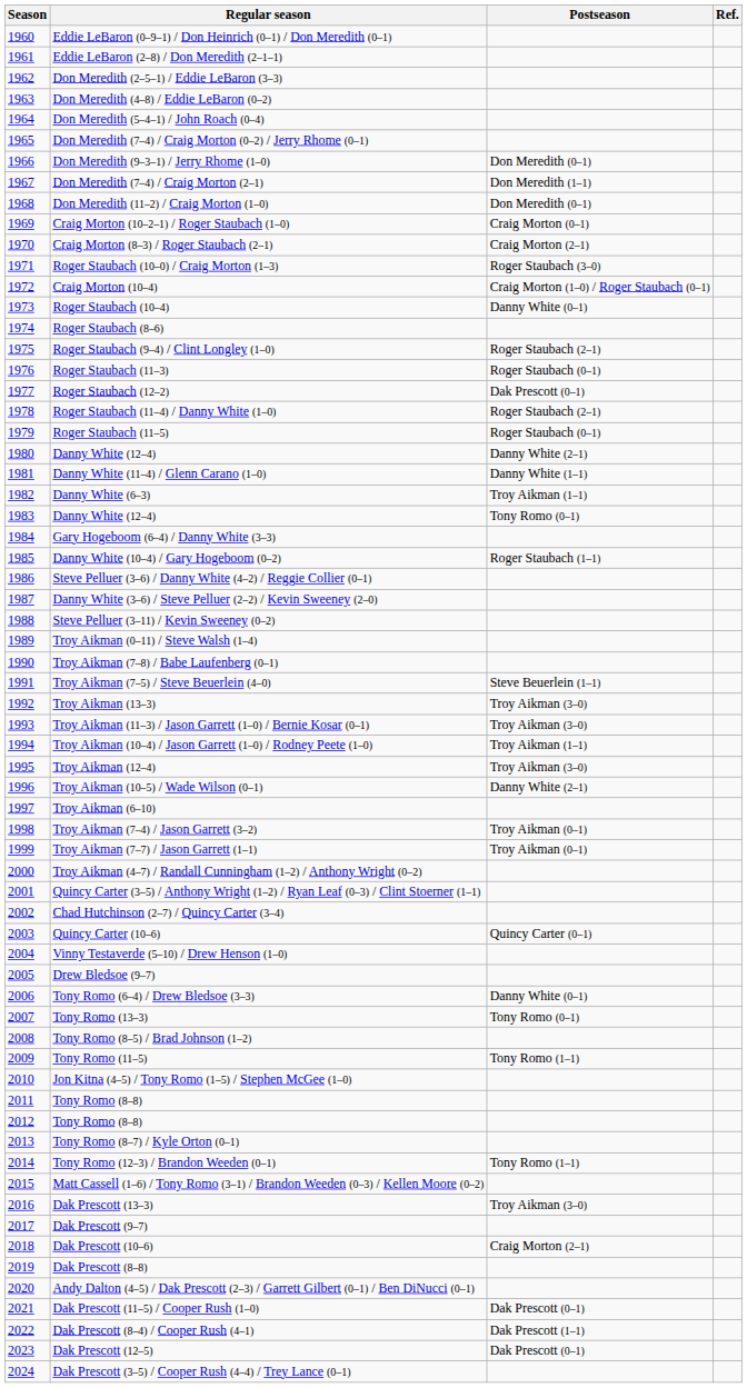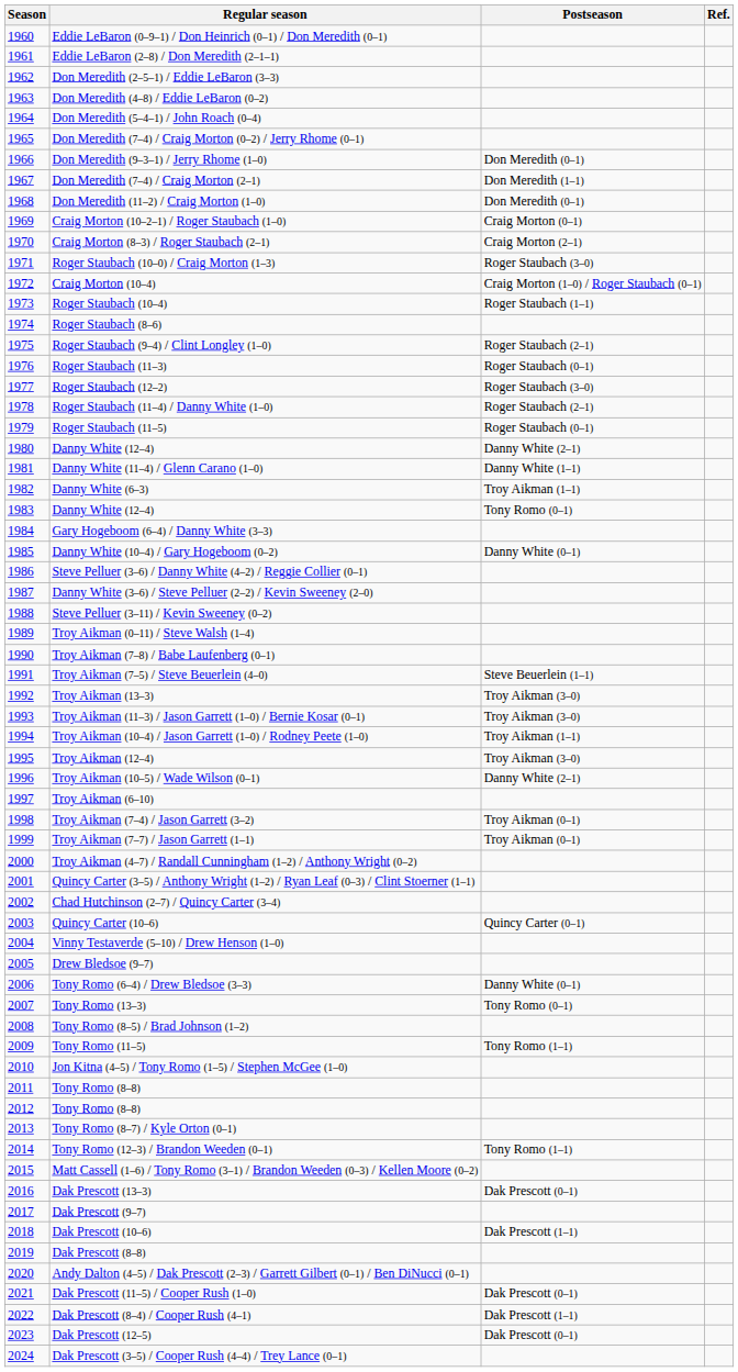 <table class="wikitable">
 <tr>
 <th>Season</th>
 <th>Regular season</th>
 <th>Postseason</th>
 <th>Ref.</th>
 </tr>
 <tr>
 <td><a href='#'>1960</a></td>
 <td><a href='#'>Eddie LeBaron</a> <small>(0–9–1)</small> / <a href='#'>Don Heinrich</a> <small>(0–1)</small> / <a href='#'>Don Meredith</a> <small>(0–1)</small></td>
 <td></td>
 <td></td>
 </tr>
 <tr>
 <td><a href='#'>1961</a></td>
 <td><a href='#'>Eddie LeBaron</a> <small>(2–8)</small> / <a href='#'>Don Meredith</a> <small>(2–1–1)</small></td>
 <td></td>
 <td></td>
 </tr>
 <tr>
 <td><a href='#'>1962</a></td>
 <td><a href='#'>Don Meredith</a> <small>(2–5–1)</small> / <a href='#'>Eddie LeBaron</a> <small>(3–3)</small></td>
 <td></td>
 <td></td>
 </tr>
 <tr>
 <td><a href='#'>1963</a></td>
 <td><a href='#'>Don Meredith</a> <small>(4–8)</small> / <a href='#'>Eddie LeBaron</a> <small>(0–2)</small></td>
 <td></td>
 <td></td>
 </tr>
 <tr>
 <td><a href='#'>1964</a></td>
 <td><a href='#'>Don Meredith</a> <small>(5–4–1)</small> / <a href='#'>John Roach</a> <small>(0–4)</small></td>
 <td></td>
 <td></td>
 </tr>
 <tr>
 <td><a href='#'>1965</a></td>
 <td><a href='#'>Don Meredith</a> <small>(7–4)</small> / <a href='#'>Craig Morton</a> <small>(0–2)</small> / <a href='#'>Jerry Rhome</a> <small>(0–1)</small></td>
 <td></td>
 <td></td>
 </tr>
 <tr>
 <td><a href='#'>1966</a></td>
 <td><a href='#'>Don Meredith</a> <small>(9–3–1)</small> / <a href='#'>Jerry Rhome</a> <small>(1–0)</small></td>
 <td>Don Meredith <small>(0–1)</small></td>
 <td></td>
 </tr>
 <tr>
 <td><a href='#'>1967</a></td>
 <td><a href='#'>Don Meredith</a> <small>(7–4)</small> / <a href='#'>Craig Morton</a> <small>(2–1)</small></td>
 <td>Don Meredith <small>(1–1)</small></td>
 <td></td>
 </tr>
 <tr>
 <td><a href='#'>1968</a></td>
 <td><a href='#'>Don Meredith</a> <small>(11–2)</small> / <a href='#'>Craig Morton</a> <small>(1–0)</small></td>
 <td>Don Meredith <small>(0–1)</small></td>
 <td></td>
 </tr>
 <tr>
 <td><a href='#'>1969</a></td>
 <td><a href='#'>Craig Morton</a> <small>(10–2–1)</small> / <a href='#'>Roger Staubach</a> <small>(1–0)</small></td>
 <td>Craig Morton <small>(0–1)</small></td>
 <td></td>
 </tr>
 <tr>
 <td><a href='#'>1970</a></td>
 <td><a href='#'>Craig Morton</a> <small>(8–3)</small> / <a href='#'>Roger Staubach</a> <small>(2–1)</small></td>
 <td>Craig Morton <small>(2–1)</small></td>
 <td></td>
 </tr>
 <tr>
 <td><a href='#'>1971</a></td>
 <td><a href='#'>Roger Staubach</a> <small>(10–0)</small> / <a href='#'>Craig Morton</a> <small>(1–3)</small></td>
 <td>Roger Staubach <small>(3–0)</small></td>
 <td></td>
 </tr>
 <tr>
 <td><a href='#'>1972</a></td>
 <td><a href='#'>Craig Morton</a> <small>(10–4)</small></td>
 <td>Craig Morton <small>(1–0)</small> / <a href='#'>Roger Staubach</a> <small>(0–1)</small></td>
 <td></td>
 </tr>
 <tr>
 <td><a href='#'>1973</a></td>
 <td><a href='#'>Roger Staubach</a> <small>(10–4)</small></td>
-<td>Danny White <small>(0–1)</small></td>
+<td>Roger Staubach <small>(1–1)</small></td>
 <td></td>
 </tr>
 <tr>
 <td><a href='#'>1974</a></td>
 <td><a href='#'>Roger Staubach</a> <small>(8–6)</small></td>
 <td></td>
 <td></td>
 </tr>
 <tr>
 <td><a href='#'>1975</a></td>
 <td><a href='#'>Roger Staubach</a> <small>(9–4)</small> / <a href='#'>Clint Longley</a> <small>(1–0)</small></td>
 <td>Roger Staubach <small>(2–1)</small></td>
 <td></td>
 </tr>
 <tr>
 <td><a href='#'>1976</a></td>
 <td><a href='#'>Roger Staubach</a> <small>(11–3)</small></td>
 <td>Roger Staubach <small>(0–1)</small></td>
 <td></td>
 </tr>
 <tr>
 <td><a href='#'>1977</a></td>
 <td><a href='#'>Roger Staubach</a> <small>(12–2)</small></td>
-<td>Dak Prescott <small>(0–1)</small></td>
+<td>Roger Staubach <small>(3–0)</small></td>
 <td></td>
 </tr>
 <tr>
 <td><a href='#'>1978</a></td>
 <td><a href='#'>Roger Staubach</a> <small>(11–4)</small> / <a href='#'>Danny White</a> <small>(1–0)</small></td>
 <td>Roger Staubach <small>(2–1)</small></td>
 <td></td>
 </tr>
 <tr>
 <td><a href='#'>1979</a></td>
 <td><a href='#'>Roger Staubach</a> <small>(11–5)</small></td>
 <td>Roger Staubach <small>(0–1)</small></td>
 <td></td>
 </tr>
 <tr>
 <td><a href='#'>1980</a></td>
 <td><a href='#'>Danny White</a> <small>(12–4)</small></td>
 <td>Danny White <small>(2–1)</small></td>
 <td></td>
 </tr>
 <tr>
 <td><a href='#'>1981</a></td>
 <td><a href='#'>Danny White</a> <small>(11–4)</small> / <a href='#'>Glenn Carano</a> <small>(1–0)</small></td>
 <td>Danny White <small>(1–1)</small></td>
 <td></td>
 </tr>
 <tr>
 <td><a href='#'>1982</a></td>
 <td><a href='#'>Danny White</a> <small>(6–3)</small></td>
 <td>Troy Aikman <small>(1–1)</small></td>
 <td></td>
 </tr>
 <tr>
 <td><a href='#'>1983</a></td>
 <td><a href='#'>Danny White</a> <small>(12–4)</small></td>
 <td>Tony Romo <small>(0–1)</small></td>
 <td></td>
 </tr>
 <tr>
 <td><a href='#'>1984</a></td>
 <td><a href='#'>Gary Hogeboom</a> <small>(6–4)</small> / <a href='#'>Danny White</a> <small>(3–3)</small></td>
 <td></td>
 <td></td>
 </tr>
 <tr>
 <td><a href='#'>1985</a></td>
 <td><a href='#'>Danny White</a> <small>(10–4)</small> / <a href='#'>Gary Hogeboom</a> <small>(0–2)</small></td>
-<td>Roger Staubach <small>(1–1)</small></td>
+<td>Danny White <small>(0–1)</small></td>
 <td></td>
 </tr>
 <tr>
 <td><a href='#'>1986</a></td>
 <td><a href='#'>Steve Pelluer</a> <small>(3–6)</small> / <a href='#'>Danny White</a> <small>(4–2)</small> / <a href='#'>Reggie Collier</a> <small>(0–1)</small></td>
 <td></td>
 <td></td>
 </tr>
 <tr>
 <td><a href='#'>1987</a></td>
 <td><a href='#'>Danny White</a> <small>(3–6)</small> / <a href='#'>Steve Pelluer</a> <small>(2–2)</small> / <a href='#'>Kevin Sweeney</a> <small>(2–0)</small></td>
 <td></td>
 <td></td>
 </tr>
 <tr>
 <td><a href='#'>1988</a></td>
 <td><a href='#'>Steve Pelluer</a> <small>(3–11)</small> / <a href='#'>Kevin Sweeney</a> <small>(0–2)</small></td>
 <td></td>
 <td></td>
 </tr>
 <tr>
 <td><a href='#'>1989</a></td>
 <td><a href='#'>Troy Aikman</a> <small>(0–11)</small> / <a href='#'>Steve Walsh</a> <small>(1–4)</small></td>
 <td></td>
 <td></td>
 </tr>
 <tr>
 <td><a href='#'>1990</a></td>
 <td><a href='#'>Troy Aikman</a> <small>(7–8)</small> / <a href='#'>Babe Laufenberg</a> <small>(0–1)</small></td>
 <td></td>
 <td></td>
 </tr>
 <tr>
 <td><a href='#'>1991</a></td>
 <td><a href='#'>Troy Aikman</a> <small>(7–5)</small> / <a href='#'>Steve Beuerlein</a> <small>(4–0)</small></td>
 <td>Steve Beuerlein <small>(1–1)</small></td>
 <td></td>
 </tr>
 <tr>
 <td><a href='#'>1992</a></td>
 <td><a href='#'>Troy Aikman</a> <small>(13–3)</small></td>
 <td>Troy Aikman <small>(3–0)</small></td>
 <td></td>
 </tr>
 <tr>
 <td><a href='#'>1993</a></td>
 <td><a href='#'>Troy Aikman</a> <small>(11–3)</small> / <a href='#'>Jason Garrett</a> <small>(1–0)</small> / <a href='#'>Bernie Kosar</a> <small>(0–1)</small></td>
 <td>Troy Aikman <small>(3–0)</small></td>
 <td></td>
 </tr>
 <tr>
 <td><a href='#'>1994</a></td>
 <td><a href='#'>Troy Aikman</a> <small>(10–4)</small> / <a href='#'>Jason Garrett</a> <small>(1–0)</small> / <a href='#'>Rodney Peete</a> <small>(1–0)</small></td>
 <td>Troy Aikman <small>(1–1)</small></td>
 <td></td>
 </tr>
 <tr>
 <td><a href='#'>1995</a></td>
 <td><a href='#'>Troy Aikman</a> <small>(12–4)</small></td>
 <td>Troy Aikman <small>(3–0)</small></td>
 <td></td>
 </tr>
 <tr>
 <td><a href='#'>1996</a></td>
 <td><a href='#'>Troy Aikman</a> <small>(10–5)</small> / <a href='#'>Wade Wilson</a> <small>(0–1)</small></td>
 <td>Danny White <small>(2–1)</small></td>
 <td></td>
 </tr>
 <tr>
 <td><a href='#'>1997</a></td>
 <td><a href='#'>Troy Aikman</a> <small>(6–10)</small></td>
 <td></td>
 <td></td>
 </tr>
 <tr>
 <td><a href='#'>1998</a></td>
 <td><a href='#'>Troy Aikman</a> <small>(7–4)</small> / <a href='#'>Jason Garrett</a> <small>(3–2)</small></td>
 <td>Troy Aikman <small>(0–1)</small></td>
 <td></td>
 </tr>
 <tr>
 <td><a href='#'>1999</a></td>
 <td><a href='#'>Troy Aikman</a> <small>(7–7)</small> / <a href='#'>Jason Garrett</a> <small>(1–1)</small></td>
 <td>Troy Aikman <small>(0–1)</small></td>
 <td></td>
 </tr>
 <tr>
 <td><a href='#'>2000</a></td>
 <td><a href='#'>Troy Aikman</a> <small>(4–7)</small> / <a href='#'>Randall Cunningham</a> <small>(1–2)</small> / <a href='#'>Anthony Wright</a> <small>(0–2)</small></td>
 <td></td>
 <td></td>
 </tr>
 <tr>
 <td><a href='#'>2001</a></td>
 <td><a href='#'>Quincy Carter</a> <small>(3–5)</small> / <a href='#'>Anthony Wright</a> <small>(1–2)</small> / <a href='#'>Ryan Leaf</a> <small>(0–3)</small> / <a href='#'>Clint Stoerner</a> <small>(1–1)</small></td>
 <td></td>
 <td></td>
 </tr>
 <tr>
 <td><a href='#'>2002</a></td>
 <td><a href='#'>Chad Hutchinson</a> <small>(2–7)</small> / <a href='#'>Quincy Carter</a> <small>(3–4)</small></td>
 <td></td>
 <td></td>
 </tr>
 <tr>
 <td><a href='#'>2003</a></td>
 <td><a href='#'>Quincy Carter</a> <small>(10–6)</small></td>
 <td>Quincy Carter <small>(0–1)</small></td>
 <td></td>
 </tr>
 <tr>
 <td><a href='#'>2004</a></td>
 <td><a href='#'>Vinny Testaverde</a> <small>(5–10)</small> / <a href='#'>Drew Henson</a> <small>(1–0)</small></td>
 <td></td>
 <td></td>
 </tr>
 <tr>
 <td><a href='#'>2005</a></td>
 <td><a href='#'>Drew Bledsoe</a> <small>(9–7)</small></td>
 <td></td>
 <td></td>
 </tr>
 <tr>
 <td><a href='#'>2006</a></td>
 <td><a href='#'>Tony Romo</a> <small>(6–4)</small> / <a href='#'>Drew Bledsoe</a> <small>(3–3)</small></td>
 <td>Danny White <small>(0–1)</small></td>
 <td></td>
 </tr>
 <tr>
 <td><a href='#'>2007</a></td>
 <td><a href='#'>Tony Romo</a> <small>(13–3)</small></td>
 <td>Tony Romo <small>(0–1)</small></td>
 <td></td>
 </tr>
 <tr>
 <td><a href='#'>2008</a></td>
 <td><a href='#'>Tony Romo</a> <small>(8–5)</small> / <a href='#'>Brad Johnson</a> <small>(1–2)</small></td>
 <td></td>
 <td></td>
 </tr>
 <tr>
 <td><a href='#'>2009</a></td>
 <td><a href='#'>Tony Romo</a> <small>(11–5)</small></td>
 <td>Tony Romo <small>(1–1)</small></td>
 <td></td>
 </tr>
 <tr>
 <td><a href='#'>2010</a></td>
 <td><a href='#'>Jon Kitna</a> <small>(4–5)</small> / <a href='#'>Tony Romo</a> <small>(1–5)</small> / <a href='#'>Stephen McGee</a> <small>(1–0)</small></td>
 <td></td>
 <td></td>
 </tr>
 <tr>
 <td><a href='#'>2011</a></td>
 <td><a href='#'>Tony Romo</a> <small>(8–8)</small></td>
 <td></td>
 <td></td>
 </tr>
 <tr>
 <td><a href='#'>2012</a></td>
 <td><a href='#'>Tony Romo</a> <small>(8–8)</small></td>
 <td></td>
 <td></td>
 </tr>
 <tr>
 <td><a href='#'>2013</a></td>
 <td><a href='#'>Tony Romo</a> <small>(8–7)</small> / <a href='#'>Kyle Orton</a> <small>(0–1)</small></td>
 <td></td>
 <td></td>
 </tr>
 <tr>
 <td><a href='#'>2014</a></td>
 <td><a href='#'>Tony Romo</a> <small>(12–3)</small> / <a href='#'>Brandon Weeden</a> <small>(0–1)</small></td>
 <td>Tony Romo <small>(1–1)</small></td>
 <td></td>
 </tr>
 <tr>
 <td><a href='#'>2015</a></td>
 <td><a href='#'>Matt Cassell</a> <small>(1–6)</small> / <a href='#'>Tony Romo</a> <small>(3–1)</small> / <a href='#'>Brandon Weeden</a> <small>(0–3)</small> / <a href='#'>Kellen Moore</a> <small>(0–2)</small></td>
 <td></td>
 <td></td>
 </tr>
 <tr>
 <td><a href='#'>2016</a></td>
 <td><a href='#'>Dak Prescott</a> <small>(13–3)</small></td>
-<td>Troy Aikman <small>(3–0)</small></td>
+<td>Dak Prescott <small>(0–1)</small></td>
 <td></td>
 </tr>
 <tr>
 <td><a href='#'>2017</a></td>
 <td><a href='#'>Dak Prescott</a> <small>(9–7)</small></td>
 <td></td>
 <td></td>
 </tr>
 <tr>
 <td><a href='#'>2018</a></td>
 <td><a href='#'>Dak Prescott</a> <small>(10–6)</small></td>
-<td>Craig Morton <small>(2–1)</small></td>
+<td>Dak Prescott <small>(1–1)</small></td>
 <td></td>
 </tr>
 <tr>
 <td><a href='#'>2019</a></td>
 <td><a href='#'>Dak Prescott</a> <small>(8–8)</small></td>
 <td></td>
 <td></td>
 </tr>
 <tr>
 <td><a href='#'>2020</a></td>
 <td><a href='#'>Andy Dalton</a> <small>(4–5)</small> / <a href='#'>Dak Prescott</a> <small>(2–3)</small> / <a href='#'>Garrett Gilbert</a> <small>(0–1)</small> / <a href='#'>Ben DiNucci</a> <small>(0–1)</small></td>
 <td></td>
 <td></td>
 </tr>
 <tr>
 <td><a href='#'>2021</a></td>
 <td><a href='#'>Dak Prescott</a> <small>(11–5)</small> / <a href='#'>Cooper Rush</a> <small>(1–0)</small></td>
 <td>Dak Prescott <small>(0–1)</small></td>
 <td></td>
 </tr>
 <tr>
 <td><a href='#'>2022</a></td>
 <td><a href='#'>Dak Prescott</a> <small>(8–4)</small> / <a href='#'>Cooper Rush</a> <small>(4–1)</small></td>
 <td>Dak Prescott <small>(1–1)</small></td>
 <td></td>
 </tr>
 <tr>
 <td><a href='#'>2023</a></td>
 <td><a href='#'>Dak Prescott</a> <small>(12–5)</small></td>
 <td>Dak Prescott <small>(0–1)</small></td>
 <td></td>
 </tr>
 <tr>
 <td><a href='#'>2024</a></td>
 <td><a href='#'>Dak Prescott</a> <small>(3–5)</small> / <a href='#'>Cooper Rush</a> <small>(4–4)</small> / <a href='#'>Trey Lance</a> <small>(0–1)</small></td>
 <td></td>
 <td></td>
 </tr>
 </table>
